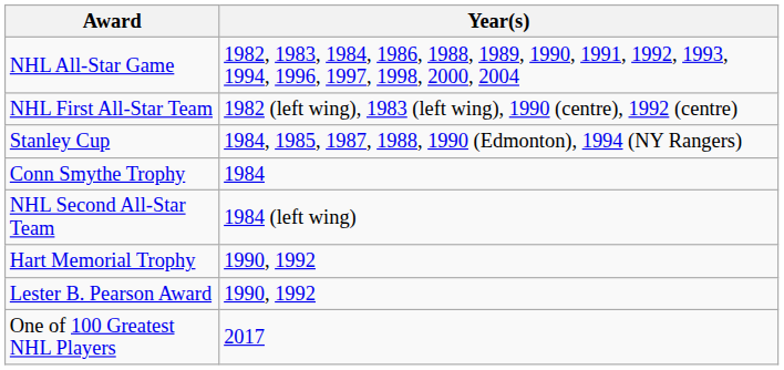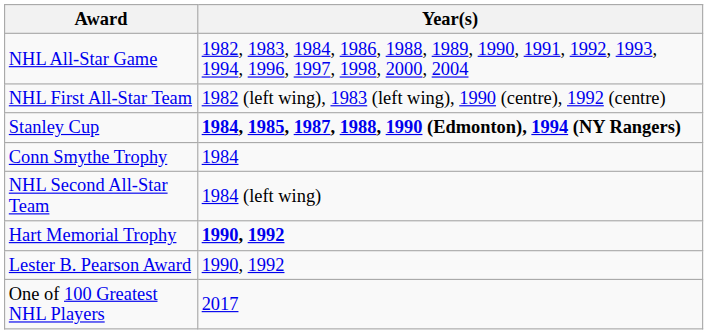 <table class="wikitable">
 <tr>
 <th>Award</th>
 <th>Year(s)</th>
 </tr>
 <tr>
 <td><a href='#'>NHL All-Star Game</a></td>
 <td><a href='#'>1982</a>, <a href='#'>1983</a>, <a href='#'>1984</a>, <a href='#'>1986</a>, <a href='#'>1988</a>, <a href='#'>1989</a>, <a href='#'>1990</a>, <a href='#'>1991</a>, <a href='#'>1992</a>, <a href='#'>1993</a>, <a href='#'>1994</a>, <a href='#'>1996</a>, <a href='#'>1997</a>, <a href='#'>1998</a>, <a href='#'>2000</a>, <a href='#'>2004</a></td>
 </tr>
 <tr>
 <td><a href='#'>NHL First All-Star Team</a></td>
 <td><a href='#'>1982</a> (left wing), <a href='#'>1983</a> (left wing), <a href='#'>1990</a> (centre), <a href='#'>1992</a> (centre)</td>
 </tr>
 <tr>
 <td><a href='#'>Stanley Cup</a></td>
-<td><a href='#'>1984</a>, <a href='#'>1985</a>, <a href='#'>1987</a>, <a href='#'>1988</a>, <a href='#'>1990</a> (Edmonton), <a href='#'>1994</a> (NY Rangers)</td>
+<td><strong><a href='#'>1984</a>, <a href='#'>1985</a>, <a href='#'>1987</a>, <a href='#'>1988</a>, <a href='#'>1990</a> (Edmonton), <a href='#'>1994</a> (NY Rangers)</strong></td>
 </tr>
 <tr>
 <td><a href='#'>Conn Smythe Trophy</a></td>
 <td><a href='#'>1984</a></td>
 </tr>
 <tr>
 <td><a href='#'>NHL Second All-Star Team</a></td>
 <td><a href='#'>1984</a> (left wing)</td>
 </tr>
 <tr>
 <td><a href='#'>Hart Memorial Trophy</a></td>
-<td><a href='#'>1990</a>, <a href='#'>1992</a></td>
+<td><strong><a href='#'>1990</a>, <a href='#'>1992</a></strong></td>
 </tr>
 <tr>
 <td><a href='#'>Lester B. Pearson Award</a></td>
 <td><a href='#'>1990</a>, <a href='#'>1992</a></td>
 </tr>
 <tr>
 <td>One of <a href='#'>100 Greatest NHL Players</a></td>
 <td><a href='#'>2017</a></td>
 </tr>
 </table>
